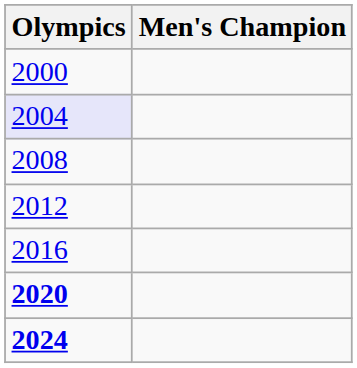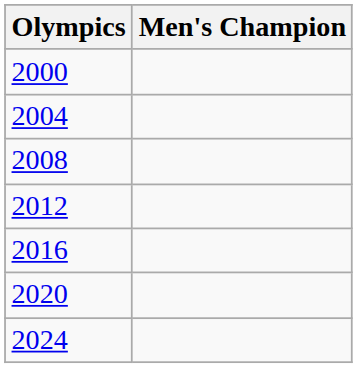 <table class="wikitable" style="margin-top:0; margin-left:1em">
 <tr>
 <th>Olympics</th>
 <th>Men's Champion</th>
 </tr>
 <tr>
 <td><a href='#'>2000</a></td>
 <td></td>
 </tr>
 <tr>
-<td style="background: lavender;"><a href='#'>2004</a></td>
+<td><a href='#'>2004</a></td>
 <td></td>
 </tr>
 <tr l>
 <td><a href='#'>2008</a></td>
 <td></td>
 </tr>
 <tr>
 <td><a href='#'>2012</a></td>
 <td></td>
 </tr>
 <tr>
 <td><a href='#'>2016</a></td>
 <td></td>
 </tr>
 <tr>
-<td><strong><a href='#'>2020</a></strong></td>
+<td><a href='#'>2020</a></td>
 <td></td>
 </tr>
 <tr>
-<td><strong><a href='#'>2024</a></strong></td>
+<td><a href='#'>2024</a></td>
 <td></td>
 </tr>
 </table>
